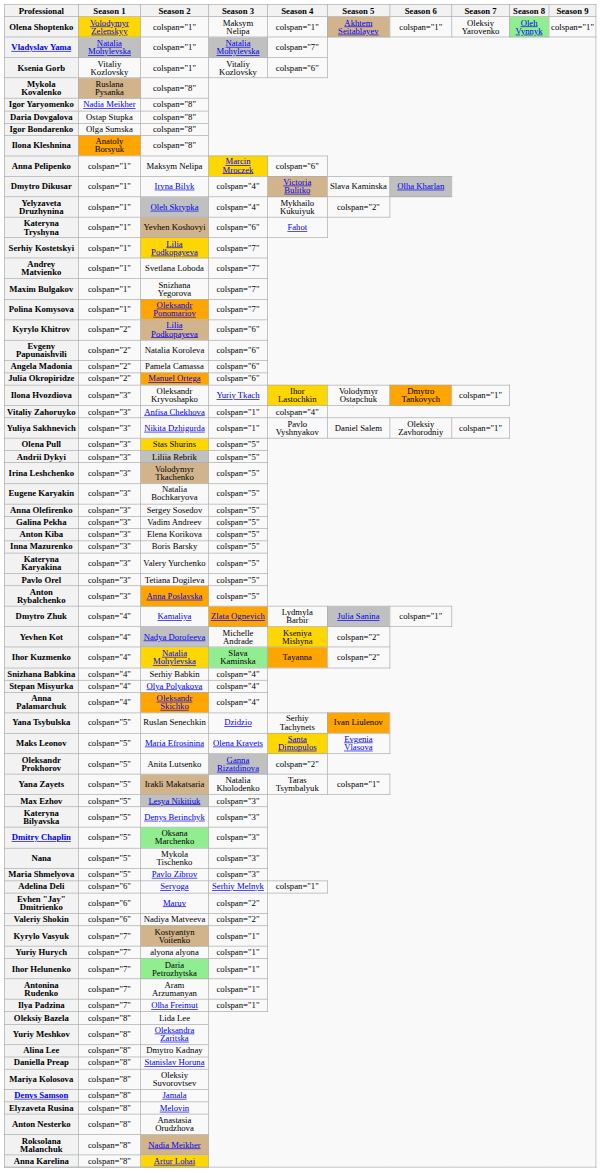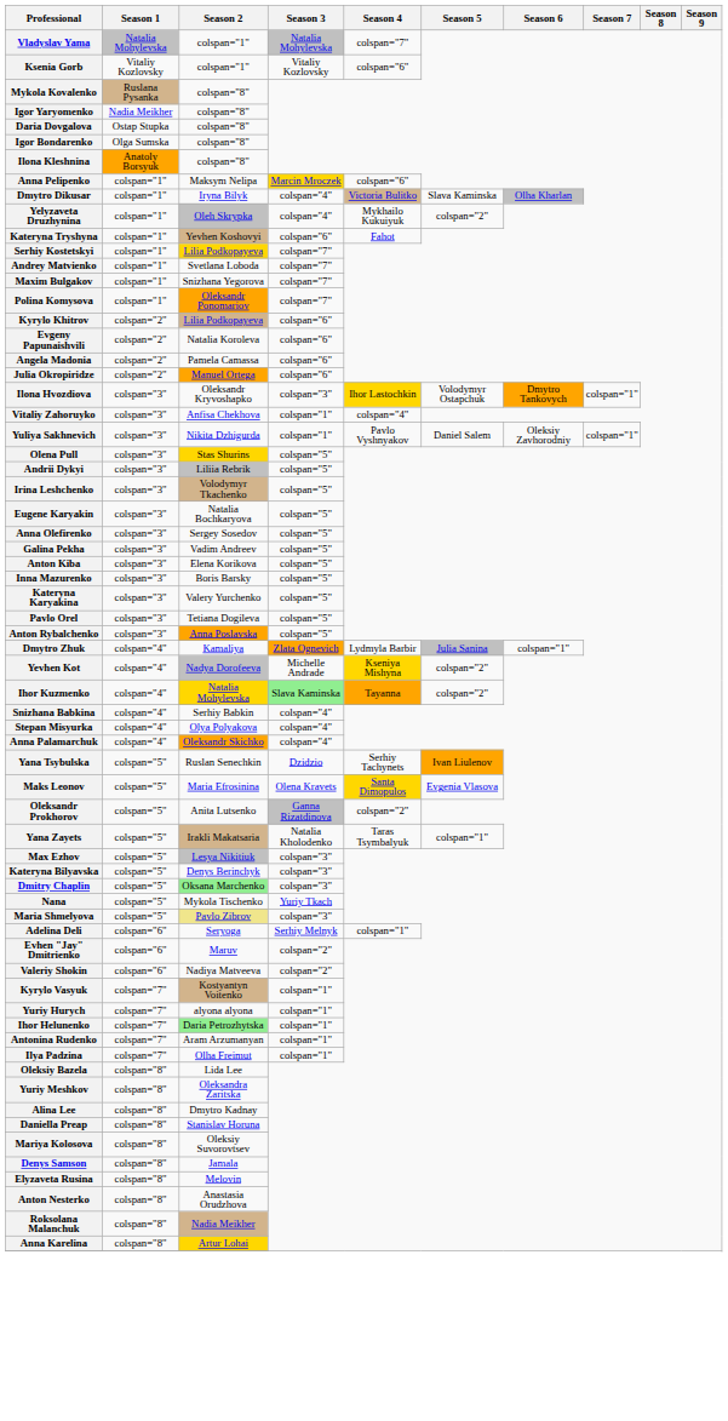 <table class="wikitable collapsible collapsed" style="margin:left; font-size:80%; line-height:12px; text-align:center;">
 <tr>
 <th>Professional</th>
 <th>Season 1</th>
 <th>Season 2</th>
 <th>Season 3</th>
 <th>Season 4</th>
 <th>Season 5</th>
 <th>Season 6</th>
 <th>Season 7</th>
 <th>Season 8</th>
 <th>Season 9</th>
-</tr>
-<tr>
-<th>Olena Shoptenko</th>
-<td style="background:gold;"><a href='#'>Volodymyr Zelenskyy</a></td>
-<td>colspan="1" </td>
-<td>Maksym Nelipa</td>
-<td>colspan="1" </td>
-<td style="background:tan;"><a href='#'>Akhtem Seitablayev</a></td>
-<td>colspan="1" </td>
-<td>Oleksiy Yarovenko</td>
-<td style="background:lightgreen;"><a href='#'>Oleh Vynnyk</a></td>
-<td>colspan="1" </td>
 </tr>
 <tr>
 <th><a href='#'>Vladyslav Yama</a></th>
 <td style="background:silver;"><a href='#'>Natalia Mohylevska</a></td>
 <td>colspan="1" </td>
 <td style="background:silver;"><a href='#'>Natalia Mohylevska</a></td>
 <td>colspan="7" </td>
 </tr>
 <tr>
 <th>Ksenia Gorb</th>
 <td>Vitaliy Kozlovsky</td>
 <td>colspan="1" </td>
 <td>Vitaliy Kozlovsky</td>
 <td>colspan="6" </td>
 </tr>
 <tr>
 <th>Mykola Kovalenko</th>
 <td style="background:tan;">Ruslana Pysanka</td>
 <td>colspan="8" </td>
 </tr>
 <tr>
 <th>Igor Yaryomenko</th>
 <td><a href='#'>Nadia Meikher</a></td>
 <td>colspan="8" </td>
 </tr>
 <tr>
 <th>Daria Dovgalova</th>
 <td>Ostap Stupka</td>
 <td>colspan="8" </td>
 </tr>
 <tr>
 <th>Igor Bondarenko</th>
 <td>Olga Sumska</td>
 <td>colspan="8" </td>
 </tr>
 <tr>
 <th>Ilona Kleshnina</th>
 <td style="background:orange;">Anatoly Borsyuk</td>
 <td>colspan="8" </td>
 </tr>
 <tr>
 <th>Anna Pelipenko</th>
 <td>colspan="1" </td>
 <td>Maksym Nelipa</td>
 <td style="background:gold;"><a href='#'>Marcin Mroczek</a></td>
 <td>colspan="6" </td>
 </tr>
 <tr>
 <th>Dmytro Dikusar</th>
 <td>colspan="1" </td>
 <td><a href='#'>Iryna Bilyk</a></td>
 <td>colspan="4" </td>
 <td style="background:tan;"><a href='#'>Victoria Bulitko</a></td>
 <td>Slava Kaminska</td>
 <td style="background:silver;"><a href='#'>Olha Kharlan</a></td>
 </tr>
 <tr>
 <th>Yelyzaveta Druzhynina</th>
 <td>colspan="1" </td>
 <td style="background:silver;"><a href='#'>Oleh Skrypka</a></td>
 <td>colspan="4" </td>
 <td>Mykhailo Kukuiyuk</td>
 <td>colspan="2" </td>
 </tr>
 <tr>
 <th>Kateryna Tryshyna</th>
 <td>colspan="1" </td>
 <td style="background:tan;">Yevhen Koshovyi</td>
 <td>colspan="6" </td>
 <td><a href='#'>Fahot</a></td>
 </tr>
 <tr>
 <th>Serhiy Kostetskyi</th>
 <td>colspan="1" </td>
 <td style="background:gold;"><a href='#'>Lilia Podkopayeva</a></td>
 <td>colspan="7" </td>
 </tr>
 <tr>
 <th>Andrey Matvienko</th>
 <td>colspan="1" </td>
 <td>Svetlana Loboda</td>
 <td>colspan="7" </td>
 </tr>
 <tr>
 <th>Maxim Bulgakov</th>
 <td>colspan="1" </td>
 <td>Snizhana Yegorova</td>
 <td>colspan="7" </td>
 </tr>
 <tr>
 <th>Polina Komysova</th>
 <td>colspan="1" </td>
 <td style="background:orange;"><a href='#'>Oleksandr Ponomariov</a></td>
 <td>colspan="7" </td>
 </tr>
 <tr>
 <th>Kyrylo Khitrov</th>
 <td>colspan="2" </td>
 <td style="background:tan;"><a href='#'>Lilia Podkopayeva</a></td>
 <td>colspan="6" </td>
 </tr>
 <tr>
 <th>Evgeny Papunaishvili</th>
 <td>colspan="2" </td>
 <td>Natalia Koroleva</td>
 <td>colspan="6" </td>
 </tr>
 <tr>
 <th>Angela Madonia</th>
 <td>colspan="2" </td>
 <td>Pamela Camassa</td>
 <td>colspan="6" </td>
 </tr>
 <tr>
 <th>Julia Okropiridze</th>
 <td>colspan="2" </td>
 <td style="background:orange;"><a href='#'>Manuel Ortega</a></td>
 <td>colspan="6" </td>
 </tr>
 <tr>
 <th>Ilona Hvozdiova</th>
 <td>colspan="3" </td>
 <td>Oleksandr Kryvoshapko</td>
-<td><a href='#'>Yuriy Tkach</a></td>
+<td>colspan="3" </td>
 <td style="background:gold;">Ihor Lastochkin</td>
 <td>Volodymyr Ostapchuk</td>
 <td style="background:orange;">Dmytro Tankovych</td>
 <td>colspan="1" </td>
 </tr>
 <tr>
 <th>Vitaliy Zahoruyko</th>
 <td>colspan="3" </td>
 <td><a href='#'>Anfisa Chekhova</a></td>
 <td>colspan="1" </td>
 <td>colspan="4" </td>
 </tr>
 <tr>
 <th>Yuliya Sakhnevich</th>
 <td>colspan="3" </td>
 <td><a href='#'>Nikita Dzhigurda</a></td>
 <td>colspan="1" </td>
 <td>Pavlo Vyshnyakov</td>
 <td>Daniel Salem</td>
 <td>Oleksiy Zavhorodniy</td>
 <td>colspan="1" </td>
 </tr>
 <tr>
 <th>Olena Pull</th>
 <td>colspan="3" </td>
 <td style="background:gold;">Stas Shurins</td>
 <td>colspan="5" </td>
 </tr>
 <tr>
 <th>Andrii Dykyi</th>
 <td>colspan="3" </td>
 <td style="background:silver;">Liliia Rebrik</td>
 <td>colspan="5" </td>
 </tr>
 <tr>
 <th>Irina Leshchenko</th>
 <td>colspan="3" </td>
 <td style="background:tan;">Volodymyr Tkachenko</td>
 <td>colspan="5" </td>
 </tr>
 <tr>
 <th>Eugene Karyakin</th>
 <td>colspan="3" </td>
 <td>Natalia Bochkaryova</td>
 <td>colspan="5" </td>
 </tr>
 <tr>
 <th>Anna Olefirenko</th>
 <td>colspan="3" </td>
 <td>Sergey Sosedov</td>
 <td>colspan="5" </td>
 </tr>
 <tr>
 <th>Galina Pekha</th>
 <td>colspan="3" </td>
 <td>Vadim Andreev</td>
 <td>colspan="5" </td>
 </tr>
 <tr>
 <th>Anton Kiba</th>
 <td>colspan="3" </td>
 <td>Elena Korikova</td>
 <td>colspan="5" </td>
 </tr>
 <tr>
 <th>Inna Mazurenko</th>
 <td>colspan="3" </td>
 <td>Boris Barsky</td>
 <td>colspan="5" </td>
 </tr>
 <tr>
 <th>Kateryna Karyakina</th>
 <td>colspan="3" </td>
 <td>Valery Yurchenko</td>
 <td>colspan="5" </td>
 </tr>
 <tr>
 <th>Pavlo Orel</th>
 <td>colspan="3" </td>
 <td>Tetiana Dogileva</td>
 <td>colspan="5" </td>
 </tr>
 <tr>
 <th>Anton Rybalchenko</th>
 <td>colspan="3" </td>
 <td style="background:orange;"><a href='#'>Anna Poslavska</a></td>
 <td>colspan="5" </td>
 </tr>
 <tr>
 <th>Dmytro Zhuk</th>
 <td>colspan="4" </td>
 <td><a href='#'>Kamaliya</a></td>
 <td style="background:orange;"><a href='#'>Zlata Ognevich</a></td>
 <td>Lydmyla Barbir</td>
 <td style="background:silver;"><a href='#'>Julia Sanina</a></td>
 <td>colspan="1" </td>
 </tr>
 <tr>
 <th>Yevhen Kot</th>
 <td>colspan="4" </td>
 <td style="background:silver;"><a href='#'>Nadya Dorofeeva</a></td>
 <td>Michelle Andrade</td>
 <td style="background:gold;">Kseniya Mishyna</td>
 <td>colspan="2" </td>
 </tr>
 <tr>
 <th>Ihor Kuzmenko</th>
 <td>colspan="4" </td>
 <td style="background:gold;"><a href='#'>Natalia Mohylevska</a></td>
 <td style="background:lightgreen;">Slava Kaminska</td>
 <td style="background:orange;">Tayanna</td>
 <td>colspan="2" </td>
 </tr>
 <tr>
 <th>Snizhana Babkina</th>
 <td>colspan="4" </td>
 <td>Serhiy Babkin</td>
 <td>colspan="4" </td>
 </tr>
 <tr>
 <th>Stepan Misyurka</th>
 <td>colspan="4" </td>
 <td><a href='#'>Olya Polyakova</a></td>
 <td>colspan="4" </td>
 </tr>
 <tr>
 <th>Anna Palamarchuk</th>
 <td>colspan="4" </td>
 <td style="background:orange;"><a href='#'>Oleksandr Skichko</a></td>
 <td>colspan="4" </td>
 </tr>
 <tr>
 <th>Yana Tsybulska</th>
 <td>colspan="5" </td>
 <td>Ruslan Senechkin</td>
 <td><a href='#'>Dzidzio</a></td>
 <td>Serhiy Tachynets</td>
 <td style="background:orange;">Ivan Liulenov</td>
 </tr>
 <tr>
 <th>Maks Leonov</th>
 <td>colspan="5" </td>
 <td><a href='#'>Maria Efrosinina</a></td>
 <td><a href='#'>Olena Kravets</a></td>
 <td style="background:gold;"><a href='#'>Santa Dimopulos</a></td>
 <td><a href='#'>Evgenia Vlasova</a></td>
 </tr>
 <tr>
 <th>Oleksandr Prokhorov</th>
 <td>colspan="5" </td>
 <td>Anita Lutsenko</td>
 <td style="background:silver;"><a href='#'>Ganna Rizatdinova</a></td>
 <td>colspan="2" </td>
 </tr>
 <tr>
 <th>Yana Zayets</th>
 <td>colspan="5" </td>
 <td style="background:tan;">Irakli Makatsaria</td>
 <td>Natalia Kholodenko</td>
 <td>Taras Tsymbalyuk</td>
 <td>colspan="1" </td>
 </tr>
 <tr>
 <th>Max Ezhov</th>
 <td>colspan="5" </td>
 <td style="background:silver;"><a href='#'>Lesya Nikitiuk</a></td>
 <td>colspan="3" </td>
 </tr>
 <tr>
 <th>Kateryna Bilyavska</th>
 <td>colspan="5" </td>
 <td><a href='#'>Denys Berinchyk</a></td>
 <td>colspan="3" </td>
 </tr>
 <tr>
 <th><a href='#'>Dmitry Chaplin</a></th>
 <td>colspan="5" </td>
 <td style="background:lightgreen;">Oksana Marchenko</td>
 <td>colspan="3" </td>
 </tr>
 <tr>
 <th>Nana</th>
 <td>colspan="5" </td>
 <td>Mykola Tischenko</td>
-<td>colspan="3" </td>
+<td><a href='#'>Yuriy Tkach</a></td>
 </tr>
 <tr>
 <th>Maria Shmelyova</th>
 <td>colspan="5" </td>
-<td><a href='#'>Pavlo Zibrov</a></td>
+<td style="background: khaki;"><a href='#'>Pavlo Zibrov</a></td>
 <td>colspan="3" </td>
 </tr>
 <tr>
 <th>Adelina Deli</th>
 <td>colspan="6" </td>
 <td><a href='#'>Seryoga</a></td>
 <td><a href='#'>Serhiy Melnyk</a></td>
 <td>colspan="1" </td>
 </tr>
 <tr>
 <th>Evhen "Jay" Dmitrienko</th>
 <td>colspan="6" </td>
 <td><a href='#'>Maruv</a></td>
 <td>colspan="2" </td>
 </tr>
 <tr>
 <th>Valeriy Shokin</th>
 <td>colspan="6" </td>
 <td>Nadiya Matveeva</td>
 <td>colspan="2" </td>
 </tr>
 <tr>
 <th>Kyrylo Vasyuk</th>
 <td>colspan="7" </td>
 <td style="background:tan;">Kostyantyn Voitenko</td>
 <td>colspan="1" </td>
 </tr>
 <tr>
 <th>Yuriy Hurych</th>
 <td>colspan="7" </td>
 <td>alyona alyona</td>
 <td>colspan="1" </td>
 </tr>
 <tr>
 <th>Ihor Helunenko</th>
 <td>colspan="7" </td>
 <td style="background:lightgreen;">Daria Petrozhytska</td>
 <td>colspan="1" </td>
 </tr>
 <tr>
 <th>Antonina Rudenko</th>
 <td>colspan="7" </td>
 <td>Aram Arzumanyan</td>
 <td>colspan="1" </td>
 </tr>
 <tr>
 <th>Ilya Padzina</th>
 <td>colspan="7" </td>
 <td><a href='#'>Olha Freimut</a></td>
 <td>colspan="1" </td>
 </tr>
 <tr>
 <th>Oleksiy Bazela</th>
 <td>colspan="8" </td>
 <td>Lida Lee</td>
 </tr>
 <tr>
 <th>Yuriy Meshkov</th>
 <td>colspan="8" </td>
 <td><a href='#'>Oleksandra Zaritska</a></td>
 </tr>
 <tr>
 <th>Alina Lee</th>
 <td>colspan="8" </td>
 <td>Dmytro Kadnay</td>
 </tr>
 <tr>
 <th>Daniella Preap</th>
 <td>colspan="8" </td>
 <td><a href='#'>Stanislav Horuna</a></td>
 </tr>
 <tr>
 <th>Mariya Kolosova</th>
 <td>colspan="8" </td>
 <td>Oleksiy Suvorovtsev</td>
 </tr>
 <tr>
 <th><a href='#'>Denys Samson</a></th>
 <td>colspan="8" </td>
 <td><a href='#'>Jamala</a></td>
 </tr>
 <tr>
 <th>Elyzaveta Rusina</th>
 <td>colspan="8" </td>
 <td><a href='#'>Melovin</a></td>
 </tr>
 <tr>
 <th>Anton Nesterko</th>
 <td>colspan="8" </td>
 <td>Anastasia Orudzhova</td>
 </tr>
 <tr>
 <th>Roksolana Malanchuk</th>
 <td>colspan="8" </td>
 <td style="background:tan;"><a href='#'>Nadia Meikher</a></td>
 </tr>
 <tr>
 <th>Anna Karelina</th>
 <td>colspan="8" </td>
 <td style="background:gold;"><a href='#'>Artur Lohai</a></td>
 </tr>
 <tr>
 </tr>
 </table>
